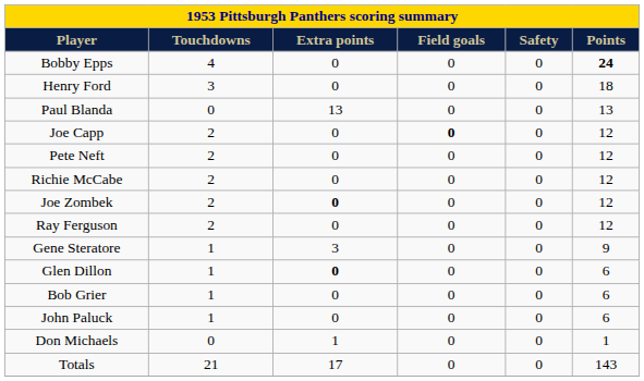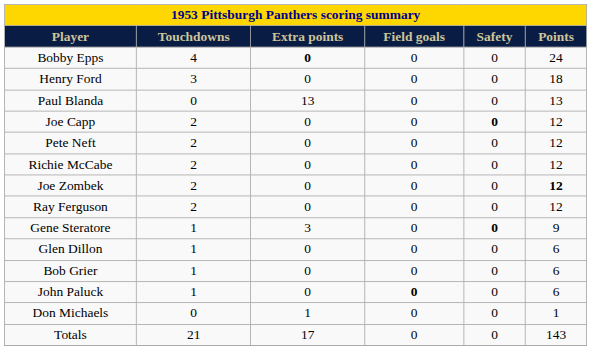 <table class="wikitable" width="35%">
 <tr>
 <th colspan="10" style="background:gold; color:darkblue; text-align: center;"><strong>1953 Pittsburgh Panthers scoring summary</strong></th>
 </tr>
 <tr align="center"  style="background:#091C44;color:#CEC499;">
 <td><strong>Player</strong></td>
 <td><strong>Touchdowns</strong></td>
 <td><strong>Extra points</strong></td>
 <td><strong>Field goals</strong></td>
 <td><strong>Safety</strong></td>
 <td><strong>Points</strong></td>
 </tr>
 <tr align="center" bgcolor="">
 <td>Bobby Epps</td>
 <td>4</td>
+<td><strong>0</strong></td>
 <td>0</td>
 <td>0</td>
-<td>0</td>
-<td><strong>24</strong></td>
+<td>24</td>
 </tr>
 <tr align="center" bgcolor="">
 <td>Henry Ford</td>
 <td>3</td>
 <td>0</td>
 <td>0</td>
 <td>0</td>
 <td>18</td>
 </tr>
 <tr align="center" bgcolor="">
 <td>Paul Blanda</td>
 <td>0</td>
 <td>13</td>
 <td>0</td>
 <td>0</td>
 <td>13</td>
 </tr>
 <tr align="center" bgcolor="">
 <td>Joe Capp</td>
 <td>2</td>
 <td>0</td>
+<td>0</td>
 <td><strong>0</strong></td>
-<td>0</td>
 <td>12</td>
 </tr>
 <tr align="center" bgcolor="">
 <td>Pete Neft</td>
 <td>2</td>
 <td>0</td>
 <td>0</td>
 <td>0</td>
 <td>12</td>
 </tr>
 <tr align="center" bgcolor="">
 <td>Richie McCabe</td>
 <td>2</td>
 <td>0</td>
 <td>0</td>
 <td>0</td>
 <td>12</td>
 </tr>
 <tr align="center" bgcolor="">
 <td>Joe Zombek</td>
 <td>2</td>
-<td><strong>0</strong></td>
 <td>0</td>
 <td>0</td>
-<td>12</td>
+<td>0</td>
+<td><strong>12</strong></td>
 </tr>
 <tr align="center" bgcolor="">
 <td>Ray Ferguson</td>
 <td>2</td>
 <td>0</td>
 <td>0</td>
 <td>0</td>
 <td>12</td>
 </tr>
 <tr align="center" bgcolor="">
 <td>Gene Steratore</td>
 <td>1</td>
 <td>3</td>
 <td>0</td>
-<td>0</td>
+<td><strong>0</strong></td>
 <td>9</td>
 </tr>
 <tr align="center" bgcolor="">
 <td>Glen Dillon</td>
 <td>1</td>
-<td><strong>0</strong></td>
+<td>0</td>
 <td>0</td>
 <td>0</td>
 <td>6</td>
 </tr>
 <tr align="center" bgcolor="">
 <td>Bob Grier</td>
 <td>1</td>
 <td>0</td>
 <td>0</td>
 <td>0</td>
 <td>6</td>
 </tr>
 <tr align="center" bgcolor="">
 <td>John Paluck</td>
 <td>1</td>
 <td>0</td>
-<td>0</td>
+<td><strong>0</strong></td>
 <td>0</td>
 <td>6</td>
 </tr>
 <tr align="center" bgcolor="">
 <td>Don Michaels</td>
 <td>0</td>
 <td>1</td>
 <td>0</td>
 <td>0</td>
 <td>1</td>
 </tr>
 <tr align="center" bgcolor="">
 <td>Totals</td>
 <td>21</td>
 <td>17</td>
 <td>0</td>
 <td>0</td>
 <td>143</td>
 </tr>
 <tr align="center" bgcolor="">
 </tr>
 </table>
